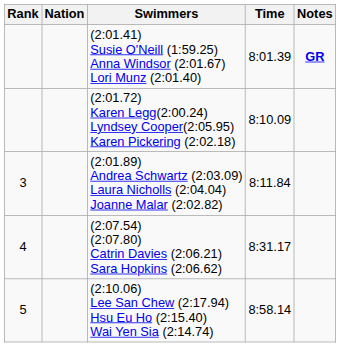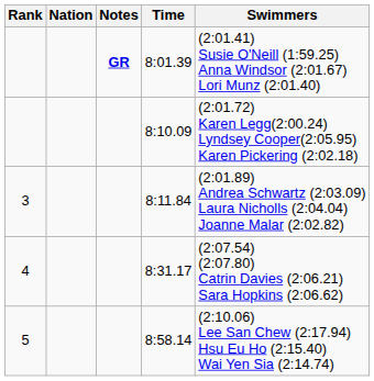 <table class="wikitable sortable" style="text-align:center">
 <tr>
 <th>Rank</th>
 <th>Nation</th>
+<th>Notes</th>
+<th>Time</th>
 <th>Swimmers</th>
-<th>Time</th>
-<th>Notes</th>
 </tr>
 <tr>
 <td></td>
 <td></td>
+<td><strong><a href='#'>GR</a></strong></td>
+<td>8:01.39</td>
 <td align=left> (2:01.41)<br><a href='#'>Susie O'Neill</a> (1:59.25)<br><a href='#'>Anna Windsor</a> (2:01.67)<br><a href='#'>Lori Munz</a> (2:01.40)</td>
-<td>8:01.39</td>
-<td><strong><a href='#'>GR</a></strong></td>
 </tr>
 <tr>
 <td></td>
 <td></td>
+<td></td>
+<td>8:10.09</td>
 <td align=left> (2:01.72)<br><a href='#'>Karen Legg</a>(2:00.24)<br><a href='#'>Lyndsey Cooper</a>(2:05.95)<br><a href='#'>Karen Pickering</a> (2:02.18)</td>
-<td>8:10.09</td>
-<td></td>
 </tr>
 <tr>
 <td>3</td>
 <td></td>
+<td></td>
+<td>8:11.84</td>
 <td align=left> (2:01.89)<br><a href='#'>Andrea Schwartz</a> (2:03.09)<br><a href='#'>Laura Nicholls</a> (2:04.04)<br><a href='#'>Joanne Malar</a> (2:02.82)</td>
-<td>8:11.84</td>
-<td></td>
 </tr>
 <tr>
 <td>4</td>
 <td></td>
+<td></td>
+<td>8:31.17</td>
 <td align=left> (2:07.54)<br> (2:07.80)<br><a href='#'>Catrin Davies</a> (2:06.21)<br><a href='#'>Sara Hopkins</a> (2:06.62)</td>
-<td>8:31.17</td>
-<td></td>
 </tr>
 <tr>
 <td>5</td>
 <td></td>
+<td></td>
+<td>8:58.14</td>
 <td align=left> (2:10.06)<br><a href='#'>Lee San Chew</a> (2:17.94)<br><a href='#'>Hsu Eu Ho</a> (2:15.40)<br><a href='#'>Wai Yen Sia</a> (2:14.74)</td>
-<td>8:58.14</td>
-<td></td>
 </tr>
 </table>
